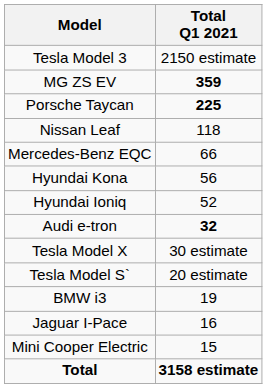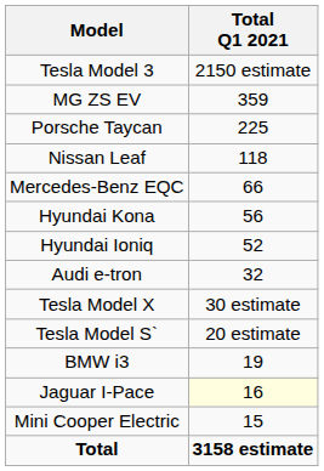 <table class="wikitable" style="text-align: center;">
 <tr>
 <th>Model</th>
 <th>Total<br>Q1 2021</th>
 </tr>
 <tr>
 <td>Tesla Model 3</td>
 <td>2150 estimate</td>
 </tr>
 <tr>
 <td>MG ZS EV</td>
-<td><strong>359</strong></td>
+<td>359</td>
 </tr>
 <tr>
 <td>Porsche Taycan</td>
-<td><strong>225</strong></td>
+<td>225</td>
 </tr>
 <tr>
 <td>Nissan Leaf</td>
 <td>118</td>
 </tr>
 <tr>
 <td>Mercedes-Benz EQC</td>
 <td>66</td>
 </tr>
 <tr>
 <td>Hyundai Kona</td>
 <td>56</td>
 </tr>
 <tr>
 <td>Hyundai Ioniq</td>
 <td>52</td>
 </tr>
 <tr>
 <td>Audi e-tron</td>
-<td><strong>32</strong></td>
+<td>32</td>
 </tr>
 <tr>
 <td>Tesla Model X</td>
 <td>30 estimate</td>
 </tr>
 <tr>
 <td>Tesla Model S`</td>
 <td>20 estimate</td>
 </tr>
 <tr>
 <td>BMW i3</td>
 <td>19</td>
 </tr>
 <tr>
 <td>Jaguar I-Pace</td>
-<td>16</td>
+<td style="background: lightyellow;">16</td>
 </tr>
 <tr>
 <td>Mini Cooper Electric</td>
 <td>15</td>
 </tr>
 <tr>
 <td><strong>Total</strong></td>
 <td><strong>3158 estimate</strong></td>
 </tr>
 </table>
